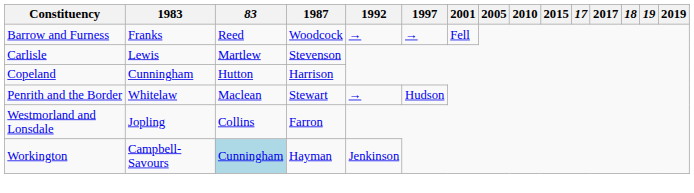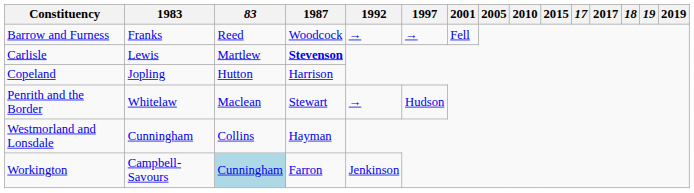 <table class="wikitable">
 <tr>
 <th>Constituency</th>
 <th>1983</th>
 <th><em>83</em></th>
 <th>1987</th>
 <th>1992</th>
 <th>1997</th>
 <th>2001</th>
 <th>2005</th>
 <th>2010</th>
 <th>2015</th>
 <th><em>17</em></th>
 <th>2017</th>
 <th><em>18</em></th>
 <th><em>19</em></th>
 <th>2019</th>
 </tr>
 <tr>
 <td><a href='#'>Barrow and Furness</a></td>
 <td><a href='#'>Franks</a></td>
 <td><a href='#'>Reed</a></td>
 <td><a href='#'>Woodcock</a></td>
 <td><a href='#'>→</a></td>
 <td><a href='#'>→</a></td>
 <td><a href='#'>Fell</a></td>
 </tr>
 <tr>
 <td><a href='#'>Carlisle</a></td>
 <td><a href='#'>Lewis</a></td>
 <td><a href='#'>Martlew</a></td>
-<td><a href='#'>Stevenson</a></td>
+<td><strong><a href='#'>Stevenson</a></strong></td>
 </tr>
 <tr>
 <td><a href='#'>Copeland</a></td>
-<td><a href='#'>Cunningham</a></td>
+<td><a href='#'>Jopling</a></td>
 <td><a href='#'>Hutton</a></td>
 <td><a href='#'>Harrison</a></td>
 </tr>
 <tr>
 <td><a href='#'>Penrith and the Border</a></td>
 <td><a href='#'>Whitelaw</a></td>
 <td><a href='#'>Maclean</a></td>
 <td><a href='#'>Stewart</a></td>
 <td><a href='#'>→</a></td>
 <td><a href='#'>Hudson</a></td>
 </tr>
 <tr>
 <td><a href='#'>Westmorland and Lonsdale</a></td>
-<td><a href='#'>Jopling</a></td>
+<td><a href='#'>Cunningham</a></td>
 <td><a href='#'>Collins</a></td>
-<td><a href='#'>Farron</a></td>
+<td><a href='#'>Hayman</a></td>
 </tr>
 <tr>
 <td><a href='#'>Workington</a></td>
 <td><a href='#'>Campbell-Savours</a></td>
 <td style="background: lightblue;"><a href='#'>Cunningham</a></td>
-<td><a href='#'>Hayman</a></td>
+<td><a href='#'>Farron</a></td>
 <td><a href='#'>Jenkinson</a></td>
 </tr>
 </table>
